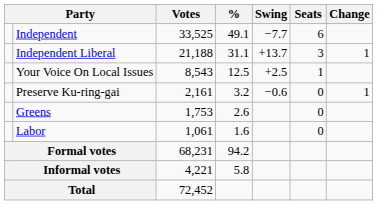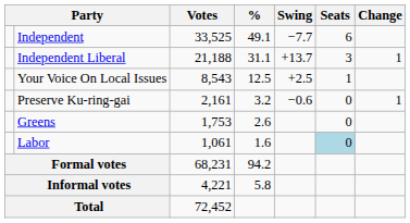 <table class="wikitable" style="text-align:right; margin-bottom:0">
 <tr>
 <th style="width:10px" colspan=3>Party</th>
 <th style="width:70px;">Votes</th>
 <th style="width:40px;">%</th>
 <th style="width:40px;">Swing</th>
 <th style="width:40px;">Seats</th>
 <th style="width:40px;">Change</th>
 </tr>
 <tr>
 <td> </td>
 <td style="text-align:left;" colspan="2"><a href='#'>Independent</a></td>
 <td>33,525</td>
 <td>49.1</td>
 <td>−7.7</td>
 <td>6</td>
 <td></td>
 </tr>
 <tr>
 <td> </td>
 <td style="text-align:left;" colspan="2"><a href='#'>Independent Liberal</a></td>
 <td>21,188</td>
 <td>31.1</td>
 <td>+13.7</td>
 <td>3</td>
 <td> 1</td>
 </tr>
 <tr>
 <td> </td>
 <td style="text-align:left;" colspan="2">Your Voice On Local Issues</td>
 <td>8,543</td>
 <td>12.5</td>
 <td>+2.5</td>
 <td>1</td>
 <td></td>
 </tr>
 <tr>
 <td> </td>
 <td style="text-align:left;" colspan="2">Preserve Ku-ring-gai</td>
 <td>2,161</td>
 <td>3.2</td>
 <td>−0.6</td>
 <td>0</td>
 <td> 1</td>
 </tr>
 <tr>
 <td> </td>
 <td style="text-align:left;" colspan="2"><a href='#'>Greens</a></td>
 <td>1,753</td>
 <td>2.6</td>
 <td></td>
 <td>0</td>
 <td></td>
 </tr>
 <tr>
 <td> </td>
 <td style="text-align:left;" colspan="2"><a href='#'>Labor</a></td>
 <td>1,061</td>
 <td>1.6</td>
 <td></td>
-<td>0</td>
+<td style="background: lightblue;">0</td>
 <td></td>
 </tr>
 <tr>
 <th colspan="3" rowspan="1"> Formal votes</th>
 <td>68,231</td>
 <td>94.2</td>
 <td></td>
 <td></td>
 <td></td>
 </tr>
 <tr>
 <th colspan="3" rowspan="1"> Informal votes</th>
 <td>4,221</td>
 <td>5.8</td>
 <td></td>
 <td></td>
 <td></td>
 </tr>
 <tr>
 <th colspan="3" rowspan="1"> <strong>Total </strong></th>
 <td>72,452</td>
 <td></td>
 <td></td>
 <td></td>
 <td></td>
 </tr>
 </table>
